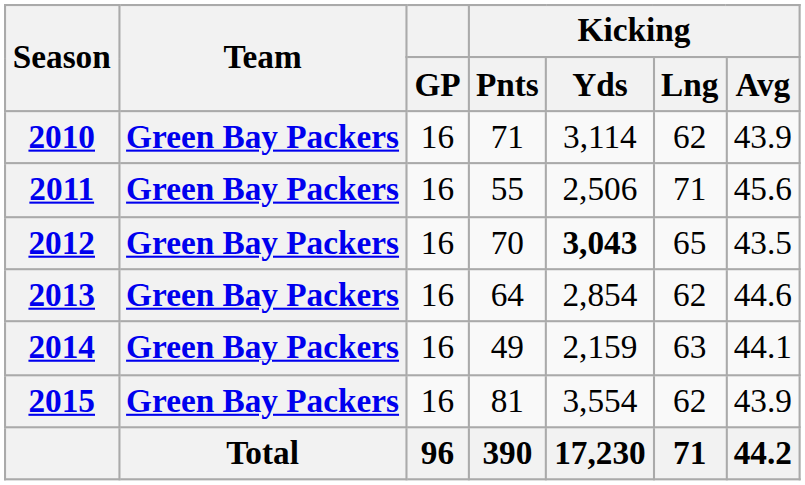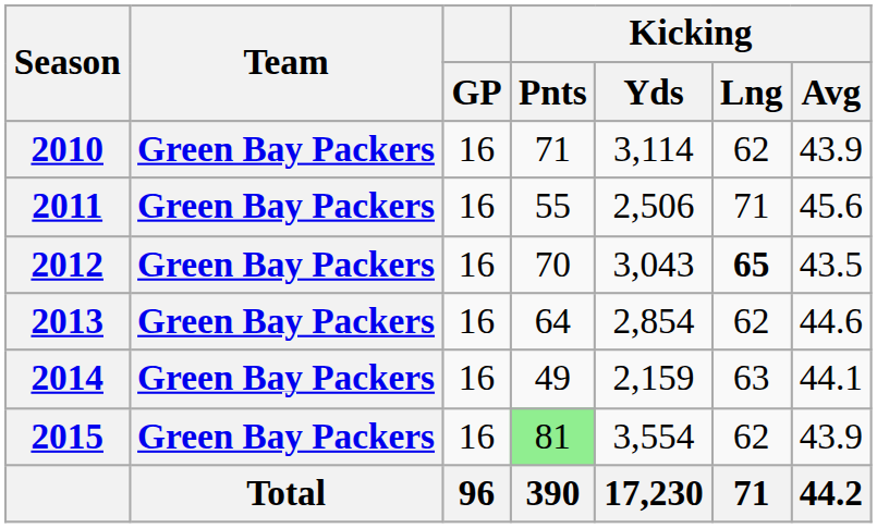 <table class=wikitable style="text-align:center;">
 <tr>
 <th rowspan=2>Season</th>
 <th rowspan=2>Team</th>
 <th></th>
 <th colspan=7>Kicking</th>
 </tr>
 <tr>
 <th>GP</th>
 <th>Pnts</th>
 <th>Yds</th>
 <th>Lng</th>
 <th>Avg</th>
 </tr>
 <tr>
 <th><a href='#'>2010</a></th>
 <th><a href='#'>Green Bay Packers</a></th>
 <td>16</td>
 <td>71</td>
 <td>3,114</td>
 <td>62</td>
 <td>43.9</td>
 </tr>
 <tr>
 <th><a href='#'>2011</a></th>
 <th><a href='#'>Green Bay Packers</a></th>
 <td>16</td>
 <td>55</td>
 <td>2,506</td>
 <td>71</td>
 <td>45.6</td>
 </tr>
 <tr>
 <th><a href='#'>2012</a></th>
 <th><a href='#'>Green Bay Packers</a></th>
 <td>16</td>
 <td>70</td>
-<td><strong>3,043</strong></td>
-<td>65</td>
+<td>3,043</td>
+<td><strong>65</strong></td>
 <td>43.5</td>
 </tr>
 <tr>
 <th><a href='#'>2013</a></th>
 <th><a href='#'>Green Bay Packers</a></th>
 <td>16</td>
 <td>64</td>
 <td>2,854</td>
 <td>62</td>
 <td>44.6</td>
 </tr>
 <tr>
 <th><a href='#'>2014</a></th>
 <th><a href='#'>Green Bay Packers</a></th>
 <td>16</td>
 <td>49</td>
 <td>2,159</td>
 <td>63</td>
 <td>44.1</td>
 </tr>
 <tr>
 <th><a href='#'>2015</a></th>
 <th><a href='#'>Green Bay Packers</a></th>
 <td>16</td>
-<td>81</td>
+<td style="background: lightgreen;">81</td>
 <td>3,554</td>
 <td>62</td>
 <td>43.9</td>
 </tr>
 <tr>
 <th></th>
 <th>Total</th>
 <th>96</th>
 <th>390</th>
 <th>17,230</th>
 <th>71</th>
 <th>44.2</th>
 </tr>
 </table>
